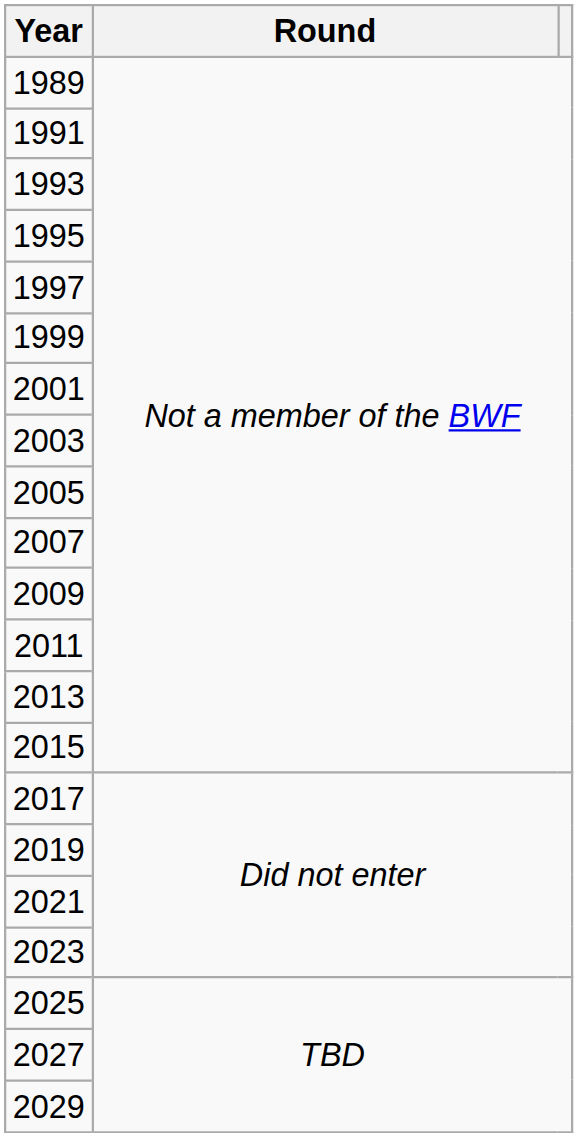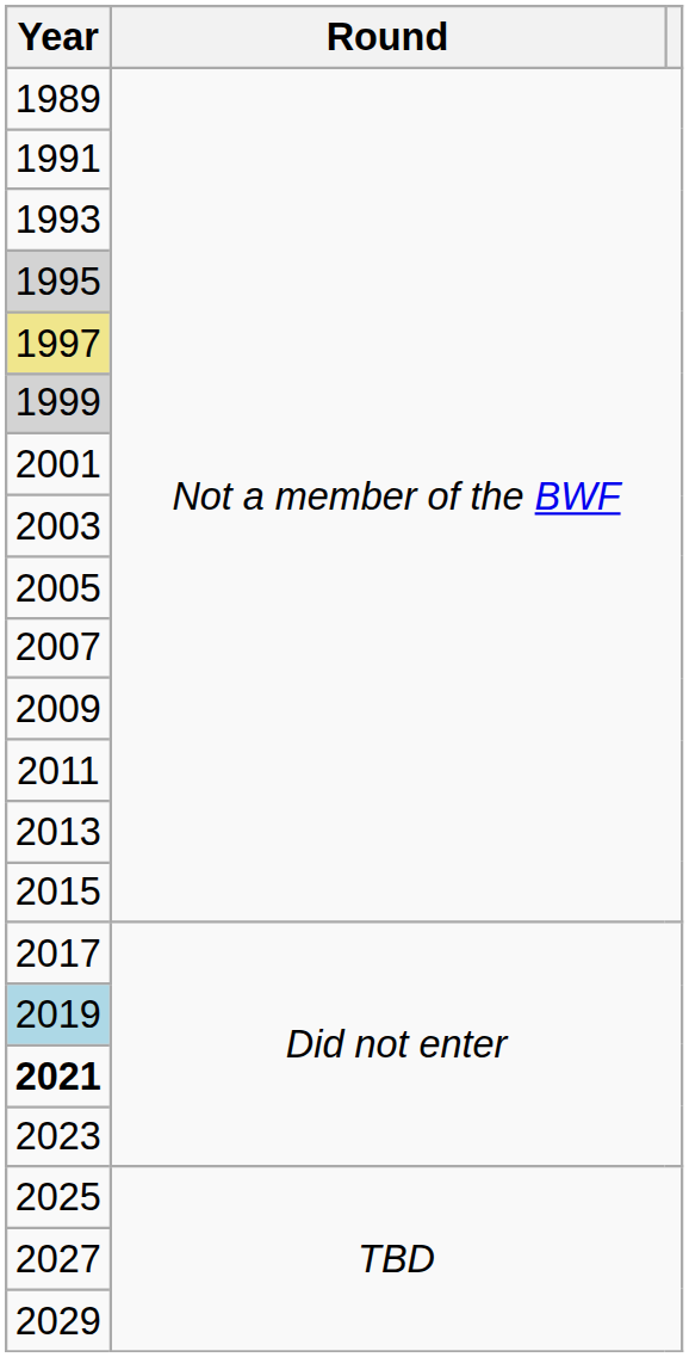 <table class="wikitable" style="text-align: center; font-size:90%">
 <tr>
 <th>Year</th>
 <th style="width:200px">Round</th>
 <th></th>
 </tr>
 <tr>
 <td>1989</td>
 <td colspan="2" rowspan="14"><em>Not a member of the <a href='#'>BWF</a></em></td>
 </tr>
 <tr>
 <td>1991</td>
 </tr>
 <tr>
 <td>1993</td>
 </tr>
 <tr>
-<td>1995</td>
+<td style="background: lightgrey;">1995</td>
 </tr>
 <tr>
-<td>1997</td>
+<td style="background: khaki;">1997</td>
 </tr>
 <tr>
-<td>1999</td>
+<td style="background: lightgrey;">1999</td>
 </tr>
 <tr>
 <td>2001</td>
 </tr>
 <tr>
 <td>2003</td>
 </tr>
 <tr>
 <td>2005</td>
 </tr>
 <tr>
 <td>2007</td>
 </tr>
 <tr>
 <td>2009</td>
 </tr>
 <tr>
 <td>2011</td>
 </tr>
 <tr>
 <td>2013</td>
 </tr>
 <tr>
 <td>2015</td>
 </tr>
 <tr>
 <td>2017</td>
 <td colspan="2" rowspan="4"><em>Did not enter</em></td>
 </tr>
 <tr>
-<td>2019</td>
+<td style="background: lightblue;">2019</td>
 </tr>
 <tr>
-<td>2021</td>
+<td><strong>2021</strong></td>
 </tr>
 <tr>
 <td>2023</td>
 </tr>
 <tr>
 <td>2025</td>
 <td colspan="2" rowspan="3"><em>TBD</em></td>
 </tr>
 <tr>
 <td>2027</td>
 </tr>
 <tr>
 <td>2029</td>
 </tr>
 </table>
